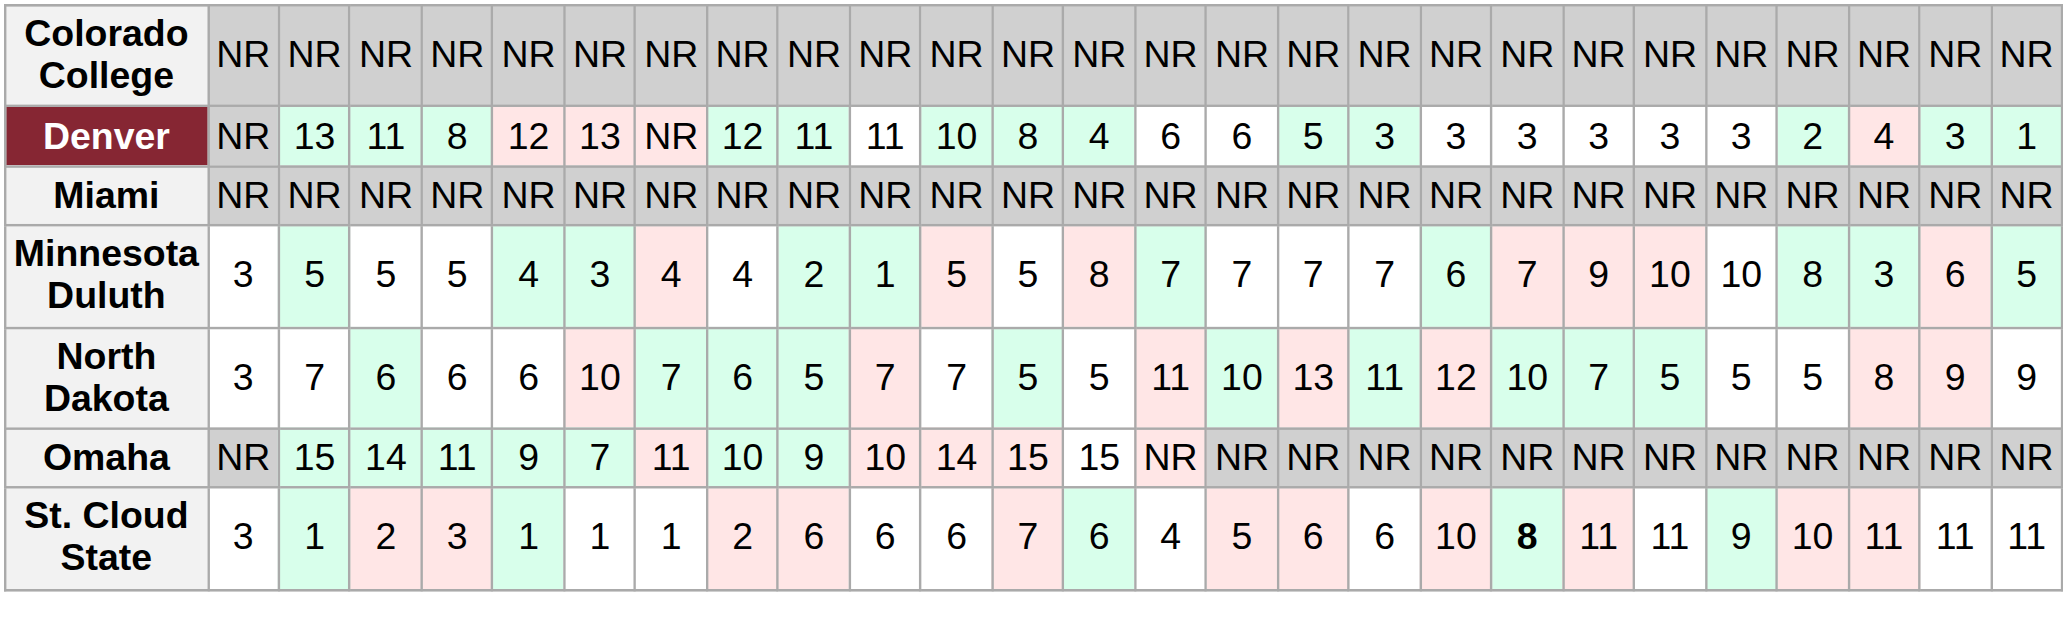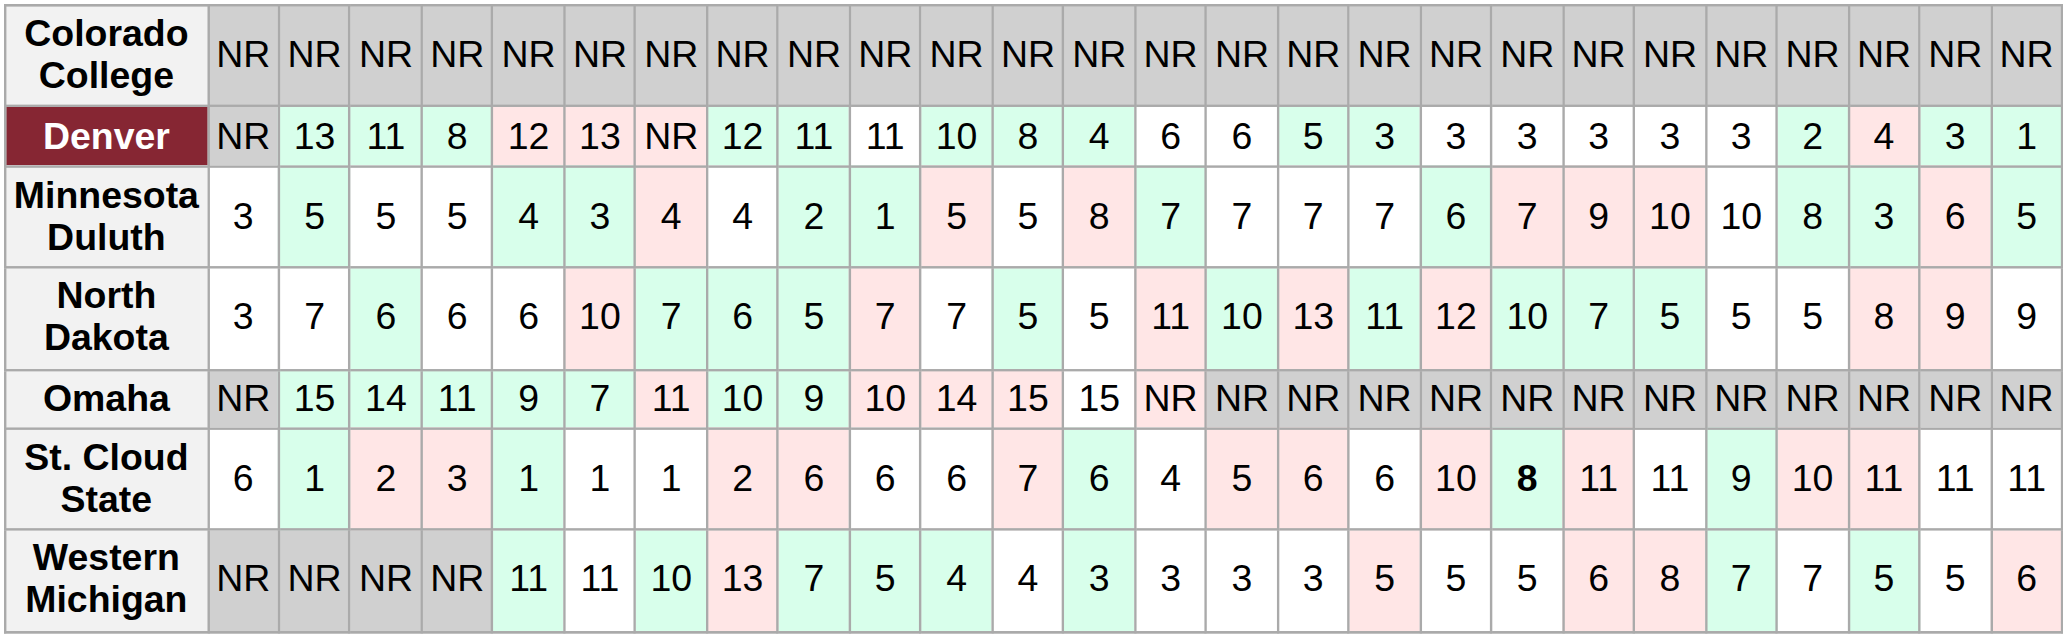 <table class="wikitable sortable" style="text-align: center;">
 <tr>
 </tr>
 <tr bgcolor=d0d0d0>
 <th>Colorado College</th>
 <td>NR</td>
 <td>NR</td>
 <td>NR</td>
 <td>NR</td>
 <td>NR</td>
 <td>NR</td>
 <td>NR</td>
 <td>NR</td>
 <td>NR</td>
 <td>NR</td>
 <td>NR</td>
 <td>NR</td>
 <td>NR</td>
 <td>NR</td>
 <td>NR</td>
 <td>NR</td>
 <td>NR</td>
 <td>NR</td>
 <td>NR</td>
 <td>NR</td>
 <td>NR</td>
 <td>NR</td>
 <td>NR</td>
 <td>NR</td>
 <td>NR</td>
 <td>NR</td>
 </tr>
 <tr bgcolor=d0d0d0>
 <th style="color:white; background:#862633; ">Denver</th>
 <td>NR</td>
 <td bgcolor=D8FFEB>13</td>
 <td bgcolor=D8FFEB>11</td>
 <td bgcolor=D8FFEB>8</td>
 <td bgcolor=FFE6E6>12</td>
 <td bgcolor=FFE6E6>13</td>
 <td bgcolor=FFE6E6>NR</td>
 <td bgcolor=D8FFEB>12</td>
 <td bgcolor=D8FFEB>11</td>
 <td bgcolor=FFFFFF>11</td>
 <td bgcolor=D8FFEB>10</td>
 <td bgcolor=D8FFEB>8</td>
 <td bgcolor=D8FFEB>4</td>
 <td bgcolor=FFFFFF>6</td>
 <td bgcolor=FFFFFF>6</td>
 <td bgcolor=D8FFEB>5</td>
 <td bgcolor=D8FFEB>3</td>
 <td bgcolor=FFFFFF>3</td>
 <td bgcolor=FFFFFF>3</td>
 <td bgcolor=FFFFFF>3</td>
 <td bgcolor=FFFFFF>3</td>
 <td bgcolor=FFFFFF>3</td>
 <td bgcolor=D8FFEB>2</td>
 <td bgcolor=FFE6E6>4</td>
 <td bgcolor=D8FFEB>3</td>
 <td bgcolor=D8FFEB>1</td>
-</tr>
-<tr bgcolor=d0d0d0>
-<th>Miami</th>
-<td>NR</td>
-<td>NR</td>
-<td>NR</td>
-<td>NR</td>
-<td>NR</td>
-<td>NR</td>
-<td>NR</td>
-<td>NR</td>
-<td>NR</td>
-<td>NR</td>
-<td>NR</td>
-<td>NR</td>
-<td>NR</td>
-<td>NR</td>
-<td>NR</td>
-<td>NR</td>
-<td>NR</td>
-<td>NR</td>
-<td>NR</td>
-<td>NR</td>
-<td>NR</td>
-<td>NR</td>
-<td>NR</td>
-<td>NR</td>
-<td>NR</td>
-<td>NR</td>
 </tr>
 <tr bgcolor=d0d0d0>
 <th>Minnesota Duluth</th>
 <td bgcolor=FFFFFF>3</td>
 <td bgcolor=D8FFEB>5</td>
 <td bgcolor=FFFFFF>5</td>
 <td bgcolor=FFFFFF>5</td>
 <td bgcolor=D8FFEB>4</td>
 <td bgcolor=D8FFEB>3</td>
 <td bgcolor=FFE6E6>4</td>
 <td bgcolor=FFFFFF>4</td>
 <td bgcolor=D8FFEB>2</td>
 <td bgcolor=D8FFEB>1</td>
 <td bgcolor=FFE6E6>5</td>
 <td bgcolor=FFFFFF>5</td>
 <td bgcolor=FFE6E6>8</td>
 <td bgcolor=D8FFEB>7</td>
 <td bgcolor=FFFFFF>7</td>
 <td bgcolor=FFFFFF>7</td>
 <td bgcolor=FFFFFF>7</td>
 <td bgcolor=D8FFEB>6</td>
 <td bgcolor=FFE6E6>7</td>
 <td bgcolor=FFE6E6>9</td>
 <td bgcolor=FFE6E6>10</td>
 <td bgcolor=FFFFFF>10</td>
 <td bgcolor=D8FFEB>8</td>
 <td bgcolor=D8FFEB>3</td>
 <td bgcolor=FFE6E6>6</td>
 <td bgcolor=D8FFEB>5</td>
 </tr>
 <tr bgcolor=d0d0d0>
 <th>North Dakota</th>
 <td bgcolor=FFFFFF>3</td>
 <td bgcolor=FFFFFF>7</td>
 <td bgcolor=D8FFEB>6</td>
 <td bgcolor=FFFFFF>6</td>
 <td bgcolor=FFFFFF>6</td>
 <td bgcolor=FFE6E6>10</td>
 <td bgcolor=D8FFEB>7</td>
 <td bgcolor=D8FFEB>6</td>
 <td bgcolor=D8FFEB>5</td>
 <td bgcolor=FFE6E6>7</td>
 <td bgcolor=FFFFFF>7</td>
 <td bgcolor=D8FFEB>5</td>
 <td bgcolor=FFFFFF>5</td>
 <td bgcolor=FFE6E6>11</td>
 <td bgcolor=D8FFEB>10</td>
 <td bgcolor=FFE6E6>13</td>
 <td bgcolor=D8FFEB>11</td>
 <td bgcolor=FFE6E6>12</td>
 <td bgcolor=D8FFEB>10</td>
 <td bgcolor=D8FFEB>7</td>
 <td bgcolor=D8FFEB>5</td>
 <td bgcolor=FFFFFF>5</td>
 <td bgcolor=FFFFFF>5</td>
 <td bgcolor=FFE6E6>8</td>
 <td bgcolor=FFE6E6>9</td>
 <td bgcolor=FFFFFF>9</td>
 </tr>
 <tr bgcolor=d0d0d0>
 <th>Omaha</th>
 <td>NR</td>
 <td bgcolor=D8FFEB>15</td>
 <td bgcolor=D8FFEB>14</td>
 <td bgcolor=D8FFEB>11</td>
 <td bgcolor=D8FFEB>9</td>
 <td bgcolor=D8FFEB>7</td>
 <td bgcolor=FFE6E6>11</td>
 <td bgcolor=D8FFEB>10</td>
 <td bgcolor=D8FFEB>9</td>
 <td bgcolor=FFE6E6>10</td>
 <td bgcolor=FFE6E6>14</td>
 <td bgcolor=FFE6E6>15</td>
 <td bgcolor=FFFFFF>15</td>
 <td bgcolor=FFE6E6>NR</td>
 <td>NR</td>
 <td>NR</td>
 <td>NR</td>
 <td>NR</td>
 <td>NR</td>
 <td>NR</td>
 <td>NR</td>
 <td>NR</td>
 <td>NR</td>
 <td>NR</td>
 <td>NR</td>
 <td>NR</td>
 </tr>
 <tr bgcolor=d0d0d0>
 <th>St. Cloud State</th>
-<td bgcolor=FFFFFF>3</td>
+<td bgcolor=FFFFFF>6</td>
 <td bgcolor=D8FFEB>1</td>
 <td bgcolor=FFE6E6>2</td>
 <td bgcolor=FFE6E6>3</td>
 <td bgcolor=D8FFEB>1</td>
 <td bgcolor=FFFFFF>1</td>
 <td bgcolor=FFFFFF>1</td>
 <td bgcolor=FFE6E6>2</td>
 <td bgcolor=FFE6E6>6</td>
 <td bgcolor=FFFFFF>6</td>
 <td bgcolor=FFFFFF>6</td>
 <td bgcolor=FFE6E6>7</td>
 <td bgcolor=D8FFEB>6</td>
 <td bgcolor=FFFFFF>4</td>
 <td bgcolor=FFE6E6>5</td>
 <td bgcolor=FFE6E6>6</td>
 <td bgcolor=FFFFFF>6</td>
 <td bgcolor=FFE6E6>10</td>
 <td bgcolor=D8FFEB><strong>8</strong></td>
 <td bgcolor=FFE6E6>11</td>
 <td bgcolor=FFFFFF>11</td>
 <td bgcolor=D8FFEB>9</td>
 <td bgcolor=FFE6E6>10</td>
 <td bgcolor=FFE6E6>11</td>
 <td bgcolor=FFFFFF>11</td>
 <td bgcolor=FFFFFF>11</td>
 </tr>
+<tr bgcolor=d0d0d0>
+<th>Western Michigan</th>
+<td>NR</td>
+<td>NR</td>
+<td>NR</td>
+<td>NR</td>
+<td bgcolor=D8FFEB>11</td>
+<td bgcolor=FFFFFF>11</td>
+<td bgcolor=D8FFEB>10</td>
+<td bgcolor=FFE6E6>13</td>
+<td bgcolor=D8FFEB>7</td>
+<td bgcolor=D8FFEB>5</td>
+<td bgcolor=D8FFEB>4</td>
+<td bgcolor=FFFFFF>4</td>
+<td bgcolor=D8FFEB>3</td>
+<td bgcolor=FFFFFF>3</td>
+<td bgcolor=FFFFFF>3</td>
+<td bgcolor=FFFFFF>3</td>
+<td bgcolor=FFE6E6>5</td>
+<td bgcolor=FFFFFF>5</td>
+<td bgcolor=FFFFFF>5</td>
+<td bgcolor=FFE6E6>6</td>
+<td bgcolor=FFE6E6>8</td>
+<td bgcolor=D8FFEB>7</td>
+<td bgcolor=FFFFFF>7</td>
+<td bgcolor=D8FFEB>5</td>
+<td bgcolor=FFFFFF>5</td>
+<td bgcolor=FFE6E6>6</td>
+</tr>
 <tr>
 </tr>
 </table>
